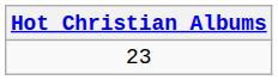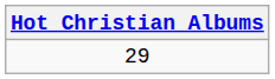 <table class="wikitable">
 <tr>
 <th><a href='#'>Hot Christian Albums</a></th>
 </tr>
 <tr>
-<td style="text-align:center;">23</td>
+<td style="text-align:center;">29</td>
 </tr>
 </table>
